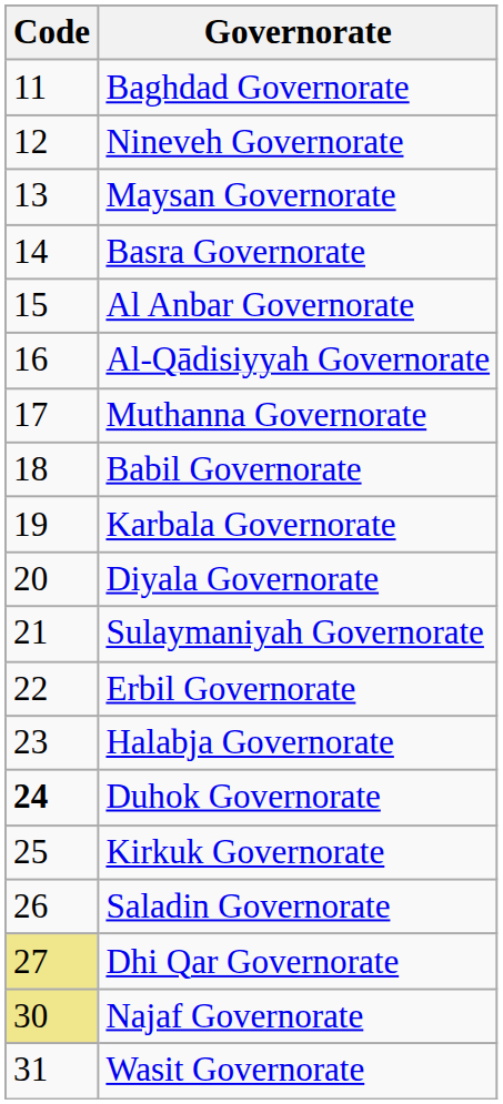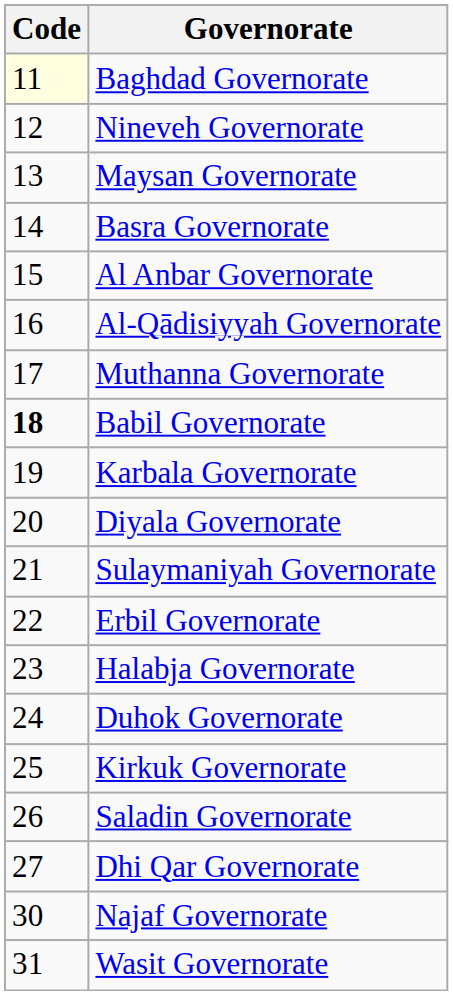 <table class=wikitable>
 <tr>
 <th>Code</th>
 <th>Governorate</th>
 </tr>
 <tr>
-<td>11</td>
+<td style="background: lightyellow;">11</td>
 <td><a href='#'>Baghdad Governorate</a></td>
 </tr>
 <tr>
 <td>12</td>
 <td><a href='#'>Nineveh Governorate</a></td>
 </tr>
 <tr>
 <td>13</td>
 <td><a href='#'>Maysan Governorate</a></td>
 </tr>
 <tr>
 <td>14</td>
 <td><a href='#'>Basra Governorate</a></td>
 </tr>
 <tr>
 <td>15</td>
 <td><a href='#'>Al Anbar Governorate</a></td>
 </tr>
 <tr>
 <td>16</td>
 <td><a href='#'>Al-Qādisiyyah Governorate</a></td>
 </tr>
 <tr>
 <td>17</td>
 <td><a href='#'>Muthanna Governorate</a></td>
 </tr>
 <tr>
-<td>18</td>
+<td><strong>18</strong></td>
 <td><a href='#'>Babil Governorate</a></td>
 </tr>
 <tr>
 <td>19</td>
 <td><a href='#'>Karbala Governorate</a></td>
 </tr>
 <tr>
 <td>20</td>
 <td><a href='#'>Diyala Governorate</a></td>
 </tr>
 <tr>
 <td>21</td>
 <td><a href='#'>Sulaymaniyah Governorate</a></td>
 </tr>
 <tr>
 <td>22</td>
 <td><a href='#'>Erbil Governorate</a></td>
 </tr>
 <tr>
 <td>23</td>
 <td><a href='#'>Halabja Governorate</a></td>
 </tr>
 <tr>
-<td><strong>24</strong></td>
+<td>24</td>
 <td><a href='#'>Duhok Governorate</a></td>
 </tr>
 <tr>
 <td>25</td>
 <td><a href='#'>Kirkuk Governorate</a></td>
 </tr>
 <tr>
 <td>26</td>
 <td><a href='#'>Saladin Governorate</a></td>
 </tr>
 <tr>
-<td style="background: khaki;">27</td>
+<td>27</td>
 <td><a href='#'>Dhi Qar Governorate</a></td>
 </tr>
 <tr>
-<td style="background: khaki;">30</td>
+<td>30</td>
 <td><a href='#'>Najaf Governorate</a></td>
 </tr>
 <tr>
 <td>31</td>
 <td><a href='#'>Wasit Governorate</a></td>
 </tr>
 </table>
